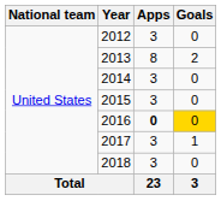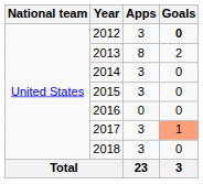 <table class="wikitable" style="text-align:center">
 <tr>
 <th>National team</th>
 <th>Year</th>
 <th>Apps</th>
 <th>Goals</th>
 </tr>
 <tr>
 <td rowspan="7"><a href='#'>United States</a></td>
 <td>2012</td>
 <td>3</td>
-<td>0</td>
+<td><strong>0</strong></td>
 </tr>
 <tr>
 <td>2013</td>
 <td>8</td>
 <td>2</td>
 </tr>
 <tr>
 <td>2014</td>
 <td>3</td>
 <td>0</td>
 </tr>
 <tr>
 <td>2015</td>
 <td>3</td>
 <td>0</td>
 </tr>
 <tr>
 <td>2016</td>
-<td><strong>0</strong></td>
-<td style="background: gold;">0</td>
+<td>0</td>
+<td>0</td>
 </tr>
 <tr>
 <td>2017</td>
 <td>3</td>
-<td>1</td>
+<td style="background: lightsalmon;">1</td>
 </tr>
 <tr>
 <td>2018</td>
 <td>3</td>
 <td>0</td>
 </tr>
 <tr>
 <th colspan="2">Total</th>
 <th>23</th>
 <th>3</th>
 </tr>
 </table>
